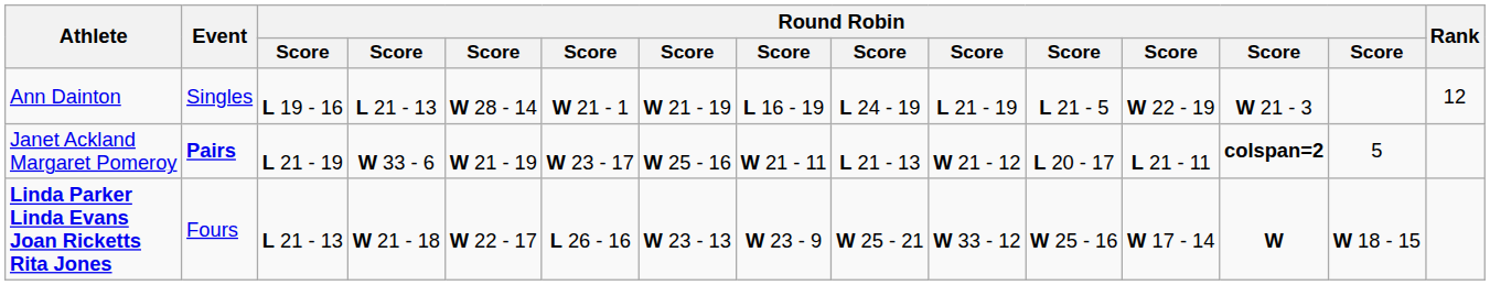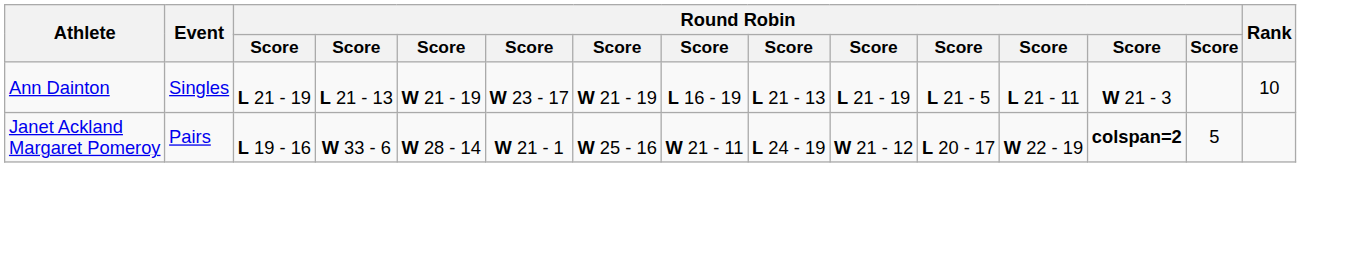 <table class="wikitable" style="font-size:88%; text-align:center">
 <tr>
 <th rowspan=2>Athlete</th>
 <th rowspan=2>Event</th>
 <th colspan=12>Round Robin</th>
 <th rowspan=2>Rank</th>
 </tr>
 <tr style="font-size:95%">
 <th>Score</th>
 <th>Score</th>
 <th>Score</th>
 <th>Score</th>
 <th>Score</th>
 <th>Score</th>
 <th>Score</th>
 <th>Score</th>
 <th>Score</th>
 <th>Score</th>
 <th>Score</th>
 <th>Score</th>
 </tr>
 <tr>
 <td align=left><a href='#'>Ann Dainton</a></td>
 <td align=left><a href='#'>Singles</a></td>
-<td><br><strong>L</strong> 19 - 16</td>
+<td><br><strong>L</strong> 21 - 19</td>
 <td><br><strong>L</strong> 21 - 13</td>
-<td><br><strong>W</strong> 28 - 14</td>
-<td><br><strong>W</strong> 21 - 1</td>
+<td><br><strong>W</strong> 21 - 19</td>
+<td><br><strong>W</strong> 23 - 17</td>
 <td><br><strong>W</strong> 21 - 19</td>
 <td><br><strong>L</strong> 16 - 19</td>
-<td><br><strong>L</strong> 24 - 19</td>
+<td><br><strong>L</strong> 21 - 13</td>
 <td><br><strong>L</strong> 21 - 19</td>
 <td><br><strong>L</strong> 21 - 5</td>
-<td><br><strong>W</strong> 22 - 19</td>
+<td><br><strong>L</strong> 21 - 11</td>
 <td><br><strong>W</strong> 21 - 3</td>
 <td></td>
-<td>12</td>
+<td>10</td>
 </tr>
 <tr>
 <td align=left><a href='#'>Janet Ackland</a><br><a href='#'>Margaret Pomeroy</a></td>
-<td align=left><strong><a href='#'>Pairs</a></strong></td>
-<td><br><strong>L</strong> 21 - 19</td>
+<td align=left><a href='#'>Pairs</a></td>
+<td><br><strong>L</strong> 19 - 16</td>
 <td><br><strong>W</strong> 33 - 6</td>
-<td><br><strong>W</strong> 21 - 19</td>
-<td><br><strong>W</strong> 23 - 17</td>
+<td><br><strong>W</strong> 28 - 14</td>
+<td><br><strong>W</strong> 21 - 1</td>
 <td><br><strong>W</strong> 25 - 16</td>
 <td><br><strong>W</strong> 21 - 11</td>
-<td><br><strong>L</strong> 21 - 13</td>
+<td><br><strong>L</strong> 24 - 19</td>
 <td><br><strong>W</strong> 21 - 12</td>
 <td><br><strong>L</strong> 20 - 17</td>
-<td><br><strong>L</strong> 21 - 11</td>
+<td><br><strong>W</strong> 22 - 19</td>
 <td><strong>colspan=2 </strong></td>
 <td>5</td>
 </tr>
-<tr align=centre>
-<td align=left><strong><a href='#'>Linda Parker</a></strong><br><strong><a href='#'>Linda Evans</a></strong><br><strong><a href='#'>Joan Ricketts</a></strong><br><strong><a href='#'>Rita Jones</a></strong></td>
-<td align=left><a href='#'>Fours</a></td>
-<td><br><strong>L</strong> 21 - 13</td>
-<td><br><strong>W</strong> 21 - 18</td>
-<td><br><strong>W</strong> 22 - 17</td>
-<td><br><strong>L</strong> 26 - 16</td>
-<td><br><strong>W</strong> 23 - 13</td>
-<td><br><strong>W</strong> 23 - 9</td>
-<td><br><strong>W</strong> 25 - 21</td>
-<td><br><strong>W</strong> 33 - 12</td>
-<td><br><strong>W</strong> 25 - 16</td>
-<td><br><strong>W</strong> 17 - 14</td>
-<td><br><strong>W</strong></td>
-<td><br><strong>W</strong> 18 - 15</td>
-<td></td>
-</tr>
 </table>
